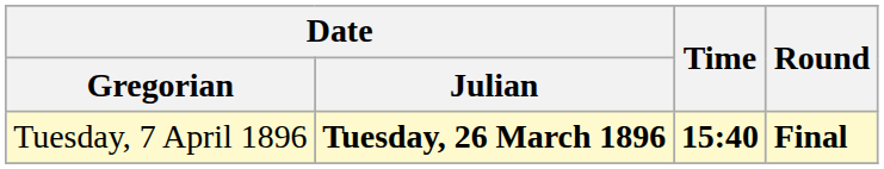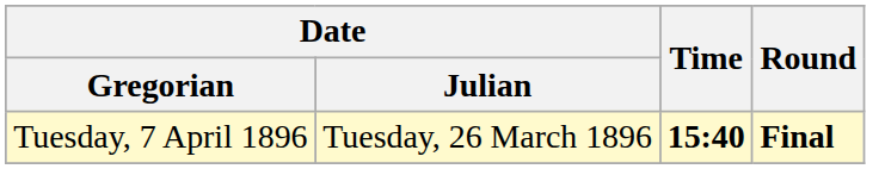 <table class="wikitable">
 <tr>
 <th colspan=2>Date</th>
 <th rowspan=2>Time</th>
 <th rowspan=2>Round</th>
 </tr>
 <tr>
 <th>Gregorian</th>
 <th>Julian</th>
 </tr>
 <tr style=background:lemonchiffon>
 <td>Tuesday, 7 April 1896</td>
-<td><strong>Tuesday, 26 March 1896</strong></td>
+<td>Tuesday, 26 March 1896</td>
 <td><strong>15:40</strong></td>
 <td><strong>Final</strong></td>
 </tr>
 </table>
